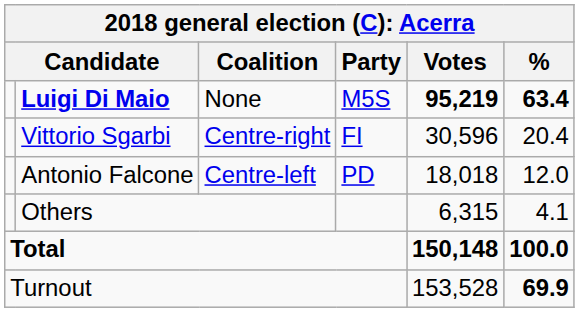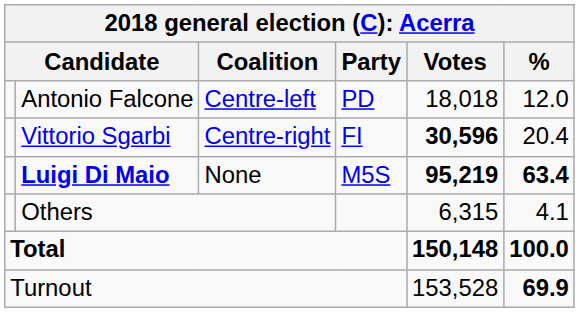 <table class=wikitable style="text-align:right">
 <tr>
 <th colspan=6>2018 general election (<a href='#'>C</a>): <a href='#'>Acerra</a></th>
 </tr>
 <tr>
 <th colspan=2>Candidate</th>
 <th>Coalition</th>
 <th>Party</th>
 <th>Votes</th>
 <th>%</th>
 </tr>
 <tr>
 <td></td>
-<td align=left><strong><a href='#'>Luigi Di Maio</a></strong></td>
-<td align=left>None</td>
-<td align=left><a href='#'>M5S</a></td>
-<td><strong>95,219</strong></td>
-<td><strong>63.4</strong></td>
+<td align=left>Antonio Falcone</td>
+<td align=left><a href='#'>Centre-left</a></td>
+<td align=left><a href='#'>PD</a></td>
+<td>18,018</td>
+<td>12.0</td>
 </tr>
 <tr>
 <td></td>
 <td align=left><a href='#'>Vittorio Sgarbi</a></td>
 <td align=left><a href='#'>Centre-right</a></td>
 <td align=left><a href='#'>FI</a></td>
-<td>30,596</td>
+<td><strong>30,596</strong></td>
 <td>20.4</td>
 </tr>
 <tr>
 <td></td>
-<td align=left>Antonio Falcone</td>
-<td align=left><a href='#'>Centre-left</a></td>
-<td align=left><a href='#'>PD</a></td>
-<td>18,018</td>
-<td>12.0</td>
+<td align=left><strong><a href='#'>Luigi Di Maio</a></strong></td>
+<td align=left>None</td>
+<td align=left><a href='#'>M5S</a></td>
+<td><strong>95,219</strong></td>
+<td><strong>63.4</strong></td>
 </tr>
 <tr>
 <td></td>
 <td align=left colspan=2>Others</td>
 <td></td>
 <td>6,315</td>
 <td>4.1</td>
 </tr>
 <tr>
 <td align=left colspan=4><strong>Total</strong></td>
 <td><strong>150,148</strong></td>
 <td><strong>100.0</strong></td>
 </tr>
 <tr>
 <td align=left colspan=4>Turnout</td>
 <td>153,528</td>
 <td><strong>69.9</strong></td>
 </tr>
 </table>
